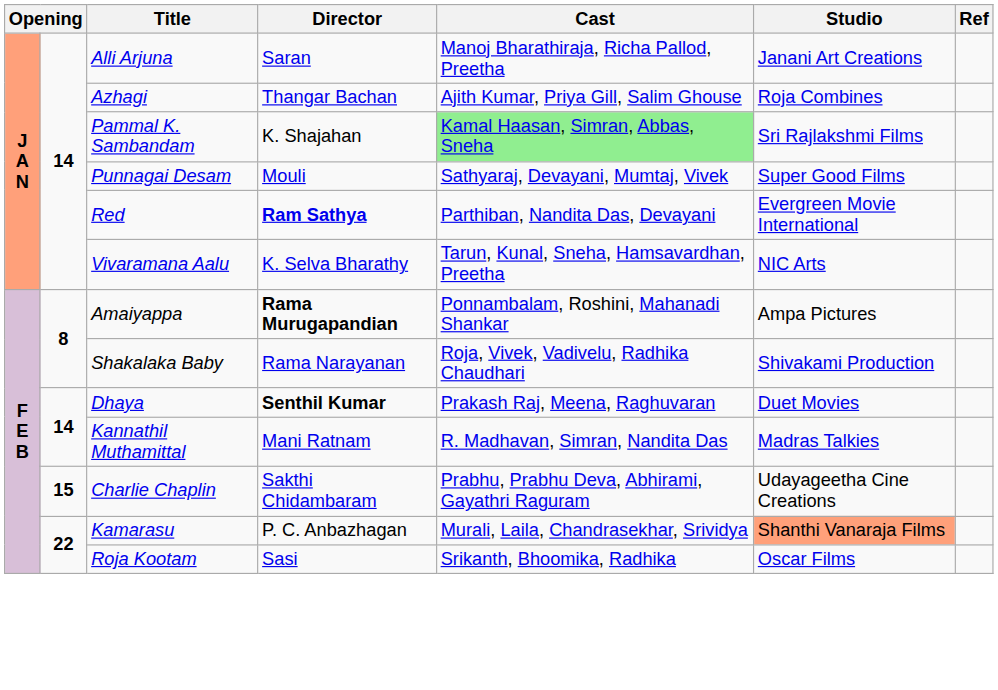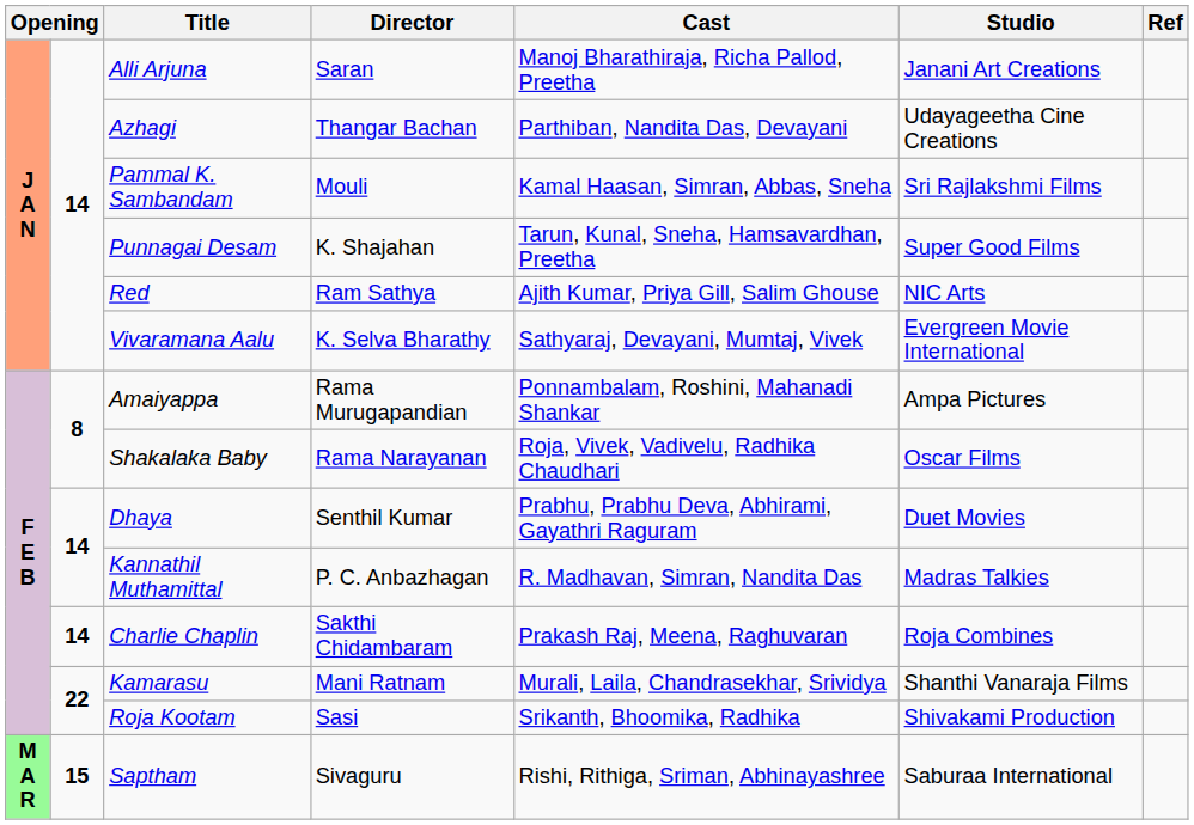 <table class="wikitable">
 <tr>
 <th colspan="2">Opening</th>
 <th>Title</th>
 <th>Director</th>
 <th>Cast</th>
 <th>Studio</th>
 <th>Ref</th>
 </tr>
 <tr>
 <td rowspan="6" valign="center" align="center" style="background:#FFA07A; textcolor:#000;"><strong>J<br>A<br>N</strong></td>
 <td rowspan="6" align="center"><strong>14</strong></td>
 <td><em><a href='#'>Alli Arjuna</a></em></td>
 <td><a href='#'>Saran</a></td>
 <td><a href='#'>Manoj Bharathiraja</a>, <a href='#'>Richa Pallod</a>, <a href='#'>Preetha</a></td>
 <td><a href='#'>Janani Art Creations</a></td>
 <td></td>
 </tr>
 <tr>
 <td><em><a href='#'>Azhagi</a></em></td>
 <td><a href='#'>Thangar Bachan</a></td>
-<td><a href='#'>Ajith Kumar</a>, <a href='#'>Priya Gill</a>, <a href='#'>Salim Ghouse</a></td>
-<td><a href='#'>Roja Combines</a></td>
+<td><a href='#'>Parthiban</a>, <a href='#'>Nandita Das</a>, <a href='#'>Devayani</a></td>
+<td>Udayageetha Cine Creations</td>
 <td></td>
 </tr>
 <tr>
 <td><em><a href='#'>Pammal K. Sambandam</a></em></td>
-<td>K. Shajahan</td>
-<td style="background: lightgreen;"><a href='#'>Kamal Haasan</a>, <a href='#'>Simran</a>, <a href='#'>Abbas</a>, <a href='#'>Sneha</a></td>
+<td><a href='#'>Mouli</a></td>
+<td><a href='#'>Kamal Haasan</a>, <a href='#'>Simran</a>, <a href='#'>Abbas</a>, <a href='#'>Sneha</a></td>
 <td><a href='#'>Sri Rajlakshmi Films</a></td>
 <td></td>
 </tr>
 <tr>
 <td><em><a href='#'>Punnagai Desam</a></em></td>
-<td><a href='#'>Mouli</a></td>
-<td><a href='#'>Sathyaraj</a>, <a href='#'>Devayani</a>, <a href='#'>Mumtaj</a>, <a href='#'>Vivek</a></td>
+<td>K. Shajahan</td>
+<td><a href='#'>Tarun</a>, <a href='#'>Kunal</a>, <a href='#'>Sneha</a>, <a href='#'>Hamsavardhan</a>, <a href='#'>Preetha</a></td>
 <td><a href='#'>Super Good Films</a></td>
 <td></td>
 </tr>
 <tr>
 <td><em><a href='#'>Red</a></em></td>
-<td><strong><a href='#'>Ram Sathya</a></strong></td>
-<td><a href='#'>Parthiban</a>, <a href='#'>Nandita Das</a>, <a href='#'>Devayani</a></td>
-<td><a href='#'>Evergreen Movie International</a></td>
+<td><a href='#'>Ram Sathya</a></td>
+<td><a href='#'>Ajith Kumar</a>, <a href='#'>Priya Gill</a>, <a href='#'>Salim Ghouse</a></td>
+<td><a href='#'>NIC Arts</a></td>
 <td></td>
 </tr>
 <tr>
 <td><em><a href='#'>Vivaramana Aalu</a></em></td>
 <td><a href='#'>K. Selva Bharathy</a></td>
-<td><a href='#'>Tarun</a>, <a href='#'>Kunal</a>, <a href='#'>Sneha</a>, <a href='#'>Hamsavardhan</a>, <a href='#'>Preetha</a></td>
-<td><a href='#'>NIC Arts</a></td>
+<td><a href='#'>Sathyaraj</a>, <a href='#'>Devayani</a>, <a href='#'>Mumtaj</a>, <a href='#'>Vivek</a></td>
+<td><a href='#'>Evergreen Movie International</a></td>
 <td></td>
 </tr>
 <tr February!>
 <td rowspan="7"   style="text-align:center; background:thistle; textcolor:#000;"><strong>F<br>E<br>B</strong></td>
 <td rowspan="2" style="text-align:center;"><strong>8</strong></td>
 <td><em>Amaiyappa</em></td>
-<td><strong>Rama Murugapandian</strong></td>
+<td>Rama Murugapandian</td>
 <td><a href='#'>Ponnambalam</a>, Roshini, <a href='#'>Mahanadi Shankar</a></td>
 <td>Ampa Pictures</td>
 <td></td>
 </tr>
 <tr>
 <td><em>Shakalaka Baby</em></td>
 <td><a href='#'>Rama Narayanan</a></td>
 <td><a href='#'>Roja</a>, <a href='#'>Vivek</a>, <a href='#'>Vadivelu</a>, <a href='#'>Radhika Chaudhari</a></td>
-<td><a href='#'>Shivakami Production</a></td>
+<td><a href='#'>Oscar Films</a></td>
 <td></td>
 </tr>
 <tr>
 <td rowspan="2" style="text-align:center;"><strong>14</strong></td>
 <td><em><a href='#'>Dhaya</a></em></td>
-<td><strong>Senthil Kumar</strong></td>
-<td><a href='#'>Prakash Raj</a>, <a href='#'>Meena</a>, <a href='#'>Raghuvaran</a></td>
+<td>Senthil Kumar</td>
+<td><a href='#'>Prabhu</a>, <a href='#'>Prabhu Deva</a>, <a href='#'>Abhirami</a>, <a href='#'>Gayathri Raguram</a></td>
 <td><a href='#'>Duet Movies</a></td>
 <td></td>
 </tr>
 <tr>
 <td><em><a href='#'>Kannathil Muthamittal</a></em></td>
-<td><a href='#'>Mani Ratnam</a></td>
+<td>P. C. Anbazhagan</td>
 <td><a href='#'>R. Madhavan</a>, <a href='#'>Simran</a>, <a href='#'>Nandita Das</a></td>
 <td><a href='#'>Madras Talkies</a></td>
 <td></td>
 </tr>
 <tr>
-<td style="text-align:center;"><strong>15</strong></td>
+<td style="text-align:center;"><strong>14</strong></td>
 <td><em><a href='#'>Charlie Chaplin</a></em></td>
 <td><a href='#'>Sakthi Chidambaram</a></td>
-<td><a href='#'>Prabhu</a>, <a href='#'>Prabhu Deva</a>, <a href='#'>Abhirami</a>, <a href='#'>Gayathri Raguram</a></td>
-<td>Udayageetha Cine Creations</td>
+<td><a href='#'>Prakash Raj</a>, <a href='#'>Meena</a>, <a href='#'>Raghuvaran</a></td>
+<td><a href='#'>Roja Combines</a></td>
 <td></td>
 </tr>
 <tr>
 <td rowspan="2" style="text-align:center;"><strong>22</strong></td>
 <td><em><a href='#'>Kamarasu</a></em></td>
-<td>P. C. Anbazhagan</td>
+<td><a href='#'>Mani Ratnam</a></td>
 <td><a href='#'>Murali</a>, <a href='#'>Laila</a>, <a href='#'>Chandrasekhar</a>, <a href='#'>Srividya</a></td>
-<td style="background: lightsalmon;">Shanthi Vanaraja Films</td>
+<td>Shanthi Vanaraja Films</td>
 <td></td>
 </tr>
 <tr>
 <td><em><a href='#'>Roja Kootam</a></em></td>
 <td><a href='#'>Sasi</a></td>
 <td><a href='#'>Srikanth</a>, <a href='#'>Bhoomika</a>, <a href='#'>Radhika</a></td>
-<td><a href='#'>Oscar Films</a></td>
+<td><a href='#'>Shivakami Production</a></td>
+<td></td>
+</tr>
+<tr March!>
+<td style="text-align:center; background:#98fb98; textcolor:#000;"><strong>M<br>A<br>R</strong></td>
+<td style="text-align:center;"><strong>15</strong></td>
+<td><em><a href='#'>Saptham</a></em></td>
+<td>Sivaguru</td>
+<td>Rishi, Rithiga, <a href='#'>Sriman</a>, <a href='#'>Abhinayashree</a></td>
+<td>Saburaa International</td>
 <td></td>
 </tr>
 </table>
